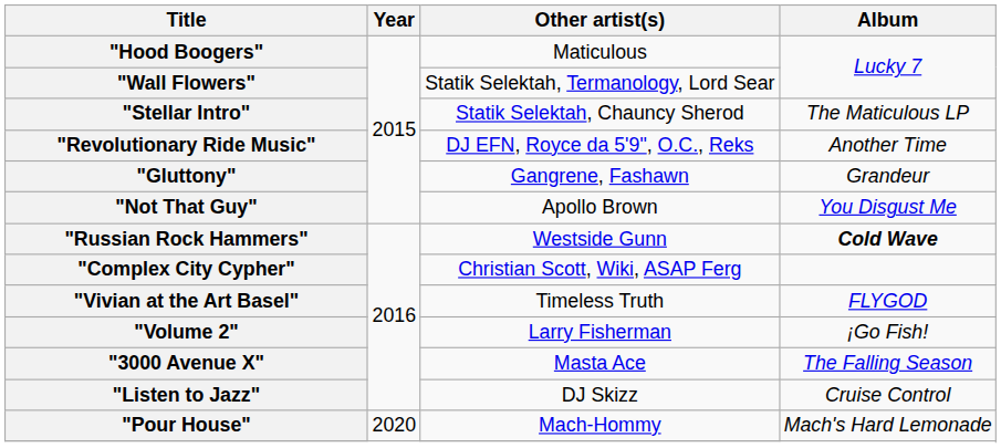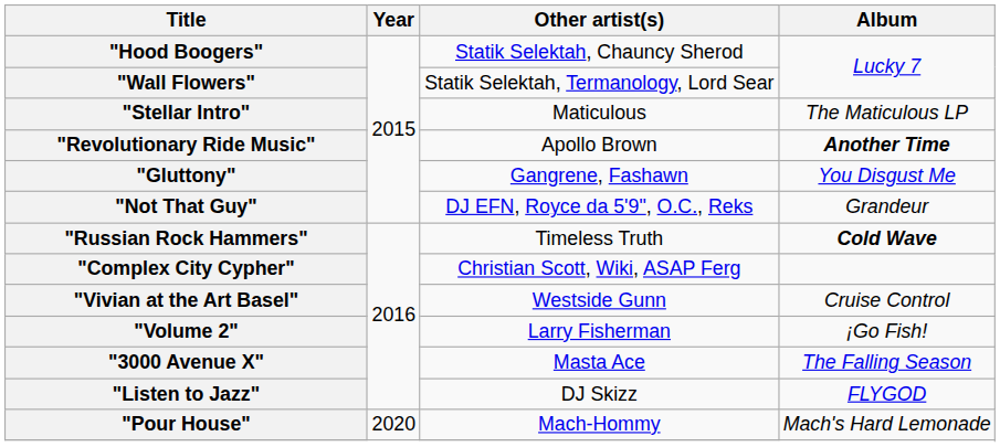 <table class="wikitable plainrowheaders" style="text-align:center;">
 <tr>
 <th scope="col" style="width:18em;">Title</th>
 <th scope="col">Year</th>
 <th scope="col">Other artist(s)</th>
 <th scope="col">Album</th>
 </tr>
 <tr>
 <th scope="row">"Hood Boogers"</th>
 <td rowspan="6">2015</td>
-<td>Maticulous</td>
+<td><a href='#'>Statik Selektah</a>, Chauncy Sherod</td>
 <td rowspan="2"><em><a href='#'>Lucky 7</a></em></td>
 </tr>
 <tr>
 <th scope="row">"Wall Flowers" </th>
 <td>Statik Selektah, <a href='#'>Termanology</a>, Lord Sear</td>
 </tr>
 <tr>
 <th scope="row">"Stellar Intro"</th>
-<td><a href='#'>Statik Selektah</a>, Chauncy Sherod</td>
+<td>Maticulous</td>
 <td><em>The Maticulous LP</em></td>
 </tr>
 <tr>
 <th scope="row">"Revolutionary Ride Music"</th>
-<td><a href='#'>DJ EFN</a>, <a href='#'>Royce da 5'9"</a>, <a href='#'>O.C.</a>, <a href='#'>Reks</a></td>
-<td><em>Another Time</em></td>
+<td>Apollo Brown</td>
+<td><strong><em>Another Time</em></strong></td>
 </tr>
 <tr>
 <th scope="row">"Gluttony"</th>
 <td><a href='#'>Gangrene</a>, <a href='#'>Fashawn</a></td>
-<td><em>Grandeur</em></td>
+<td><em><a href='#'>You Disgust Me</a></em></td>
 </tr>
 <tr>
 <th scope="row">"Not That Guy"</th>
-<td>Apollo Brown</td>
-<td><em><a href='#'>You Disgust Me</a></em></td>
+<td><a href='#'>DJ EFN</a>, <a href='#'>Royce da 5'9"</a>, <a href='#'>O.C.</a>, <a href='#'>Reks</a></td>
+<td><em>Grandeur</em></td>
 </tr>
 <tr>
 <th scope="row">"Russian Rock Hammers"</th>
 <td rowspan="6">2016</td>
-<td><a href='#'>Westside Gunn</a></td>
+<td>Timeless Truth</td>
 <td><strong><em>Cold Wave</em></strong></td>
 </tr>
 <tr>
 <th scope="row">"Complex City Cypher"</th>
 <td><a href='#'>Christian Scott</a>, <a href='#'>Wiki</a>, <a href='#'>ASAP Ferg</a></td>
 <td></td>
 </tr>
 <tr>
 <th scope="row">"Vivian at the Art Basel"</th>
-<td>Timeless Truth</td>
-<td><em><a href='#'>FLYGOD</a></em></td>
+<td><a href='#'>Westside Gunn</a></td>
+<td><em>Cruise Control</em></td>
 </tr>
 <tr>
 <th scope="row">"Volume 2"</th>
 <td><a href='#'>Larry Fisherman</a></td>
 <td><em>¡Go Fish!</em></td>
 </tr>
 <tr>
 <th scope="row">"3000 Avenue X"</th>
 <td><a href='#'>Masta Ace</a></td>
 <td><em><a href='#'>The Falling Season</a></em></td>
 </tr>
 <tr>
 <th scope="row">"Listen to Jazz"</th>
 <td>DJ Skizz</td>
-<td><em>Cruise Control</em></td>
+<td><em><a href='#'>FLYGOD</a></em></td>
 </tr>
 <tr>
 <th scope="row">"Pour House"</th>
 <td rowspan="2">2020</td>
 <td><a href='#'>Mach-Hommy</a></td>
 <td rowspan="2"><em>Mach's Hard Lemonade</em></td>
 </tr>
 <tr>
 </tr>
 </table>
